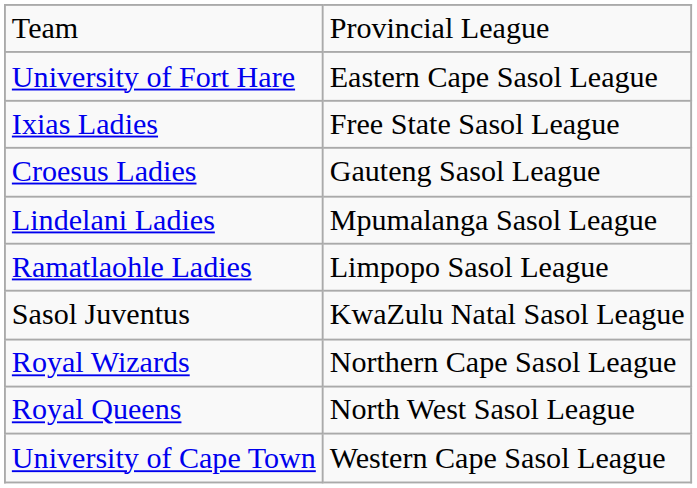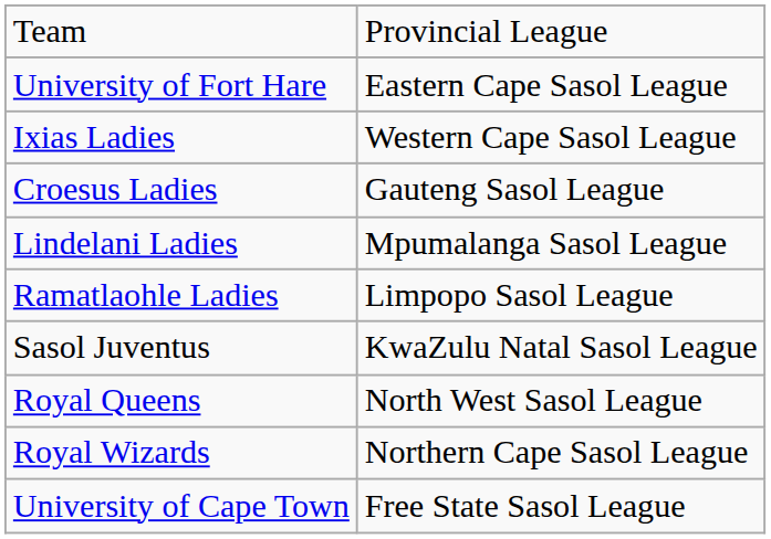 <table class= "wikitable sortable" style="text_align: left;">
 <tr>
 <td>Team</td>
 <td>Provincial League</td>
 </tr>
 <tr>
 <td><a href='#'>University of Fort Hare</a></td>
 <td>Eastern Cape Sasol League</td>
 </tr>
 <tr>
 <td><a href='#'>Ixias Ladies</a></td>
-<td>Free State Sasol League</td>
+<td>Western Cape Sasol League</td>
 </tr>
 <tr>
 <td><a href='#'>Croesus Ladies</a></td>
 <td>Gauteng Sasol League</td>
 </tr>
 <tr>
 <td><a href='#'>Lindelani Ladies</a></td>
 <td>Mpumalanga Sasol League</td>
 </tr>
 <tr>
 <td><a href='#'>Ramatlaohle Ladies</a></td>
 <td>Limpopo Sasol League</td>
 </tr>
 <tr>
 <td>Sasol Juventus</td>
 <td>KwaZulu Natal Sasol League</td>
 </tr>
 <tr>
+<td><a href='#'>Royal Queens</a></td>
+<td>North West Sasol League</td>
+</tr>
+<tr>
 <td><a href='#'>Royal Wizards</a></td>
 <td>Northern Cape Sasol League</td>
 </tr>
 <tr>
-<td><a href='#'>Royal Queens</a></td>
-<td>North West Sasol League</td>
-</tr>
-<tr>
 <td><a href='#'>University of Cape Town</a></td>
-<td>Western Cape Sasol League</td>
+<td>Free State Sasol League</td>
 </tr>
 </table>
